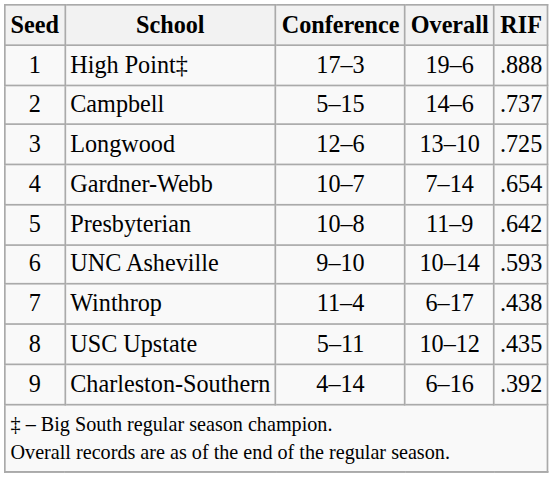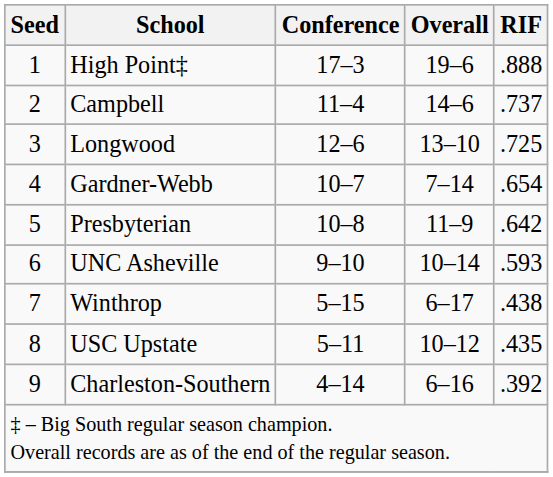 <table class="wikitable" style="white-space:nowrap; font-size:90%;text-align:center">
 <tr>
 <th>Seed</th>
 <th>School</th>
 <th>Conference</th>
 <th>Overall</th>
 <th>RIF</th>
 </tr>
 <tr>
 <td>1</td>
 <td align=left>High Point‡</td>
 <td>17–3</td>
 <td>19–6</td>
 <td>.888</td>
 </tr>
 <tr>
 <td>2</td>
 <td align=left>Campbell</td>
-<td>5–15</td>
+<td>11–4</td>
 <td>14–6</td>
 <td>.737</td>
 </tr>
 <tr>
 <td>3</td>
 <td align=left>Longwood</td>
 <td>12–6</td>
 <td>13–10</td>
 <td>.725</td>
 </tr>
 <tr>
 <td>4</td>
 <td align=left>Gardner-Webb</td>
 <td>10–7</td>
 <td>7–14</td>
 <td>.654</td>
 </tr>
 <tr>
 <td>5</td>
 <td align=left>Presbyterian</td>
 <td>10–8</td>
 <td>11–9</td>
 <td>.642</td>
 </tr>
 <tr>
 <td>6</td>
 <td align=left>UNC Asheville</td>
 <td>9–10</td>
 <td>10–14</td>
 <td>.593</td>
 </tr>
 <tr>
 <td>7</td>
 <td align=left>Winthrop</td>
-<td>11–4</td>
+<td>5–15</td>
 <td>6–17</td>
 <td>.438</td>
 </tr>
 <tr>
 <td>8</td>
 <td align=left>USC Upstate</td>
 <td>5–11</td>
 <td>10–12</td>
 <td>.435</td>
 </tr>
 <tr>
 <td>9</td>
 <td align=left>Charleston-Southern</td>
 <td>4–14</td>
 <td>6–16</td>
 <td>.392</td>
 </tr>
 <tr>
 <td colspan="5" align=left><small>‡ – Big South regular season champion.<br>Overall records are as of the end of the regular season.</small></td>
 </tr>
 <tr>
 </tr>
 </table>
